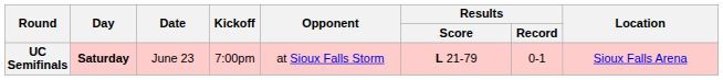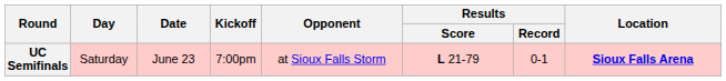 <table class="wikitable">
 <tr>
 <th rowspan="2" width="40">Round</th>
 <th rowspan="2" width="80">Day</th>
 <th rowspan="2" width="90">Date</th>
 <th rowspan="2" width="60">Kickoff</th>
 <th rowspan="2" width="180">Opponent</th>
 <th colspan="2" width="200">Results</th>
 <th rowspan="2" width="200">Location</th>
 </tr>
 <tr>
 <th width="140">Score</th>
 <th width="60">Record</th>
 </tr>
 <tr align="center" bgcolor="#FFCCCC">
 <th>UC Semifinals</th>
-<td><strong>Saturday</strong></td>
+<td>Saturday</td>
 <td>June 23</td>
 <td>7:00pm</td>
 <td>at <a href='#'>Sioux Falls Storm</a></td>
 <td><strong>L</strong> 21-79</td>
 <td>0-1</td>
-<td><a href='#'>Sioux Falls Arena</a></td>
+<td><strong><a href='#'>Sioux Falls Arena</a></strong></td>
 </tr>
 </table>
